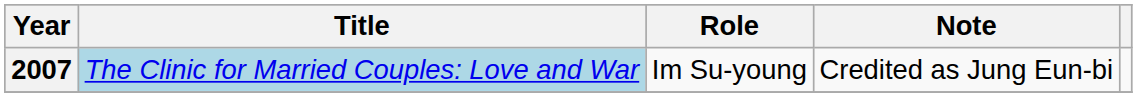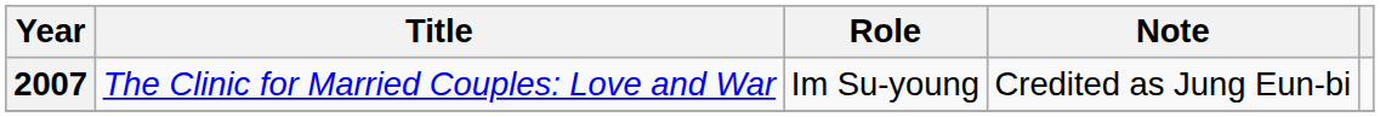 <table class="wikitable plainrowheaders">
 <tr>
 <th scope="col">Year</th>
 <th scope="col">Title</th>
 <th scope="col">Role</th>
 <th scope="col">Note</th>
 <th scope="col"></th>
 </tr>
 <tr>
 <th scope="row">2007</th>
-<td style="background: lightblue;"><em><a href='#'>The Clinic for Married Couples: Love and War</a></em></td>
+<td><em><a href='#'>The Clinic for Married Couples: Love and War</a></em></td>
 <td>Im Su-young</td>
 <td>Credited as Jung Eun-bi</td>
 <td style="text-align:center"></td>
 </tr>
 <tr>
 </tr>
 </table>
